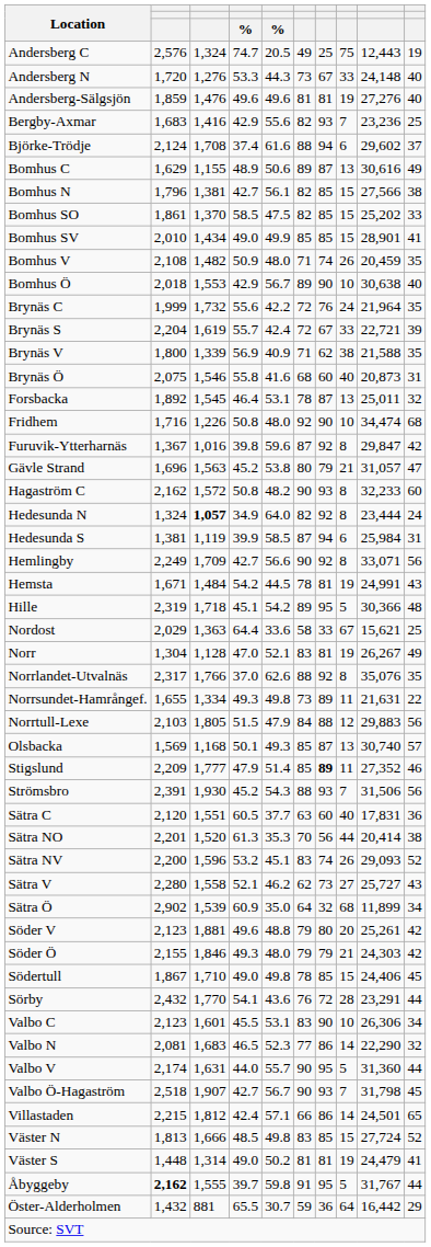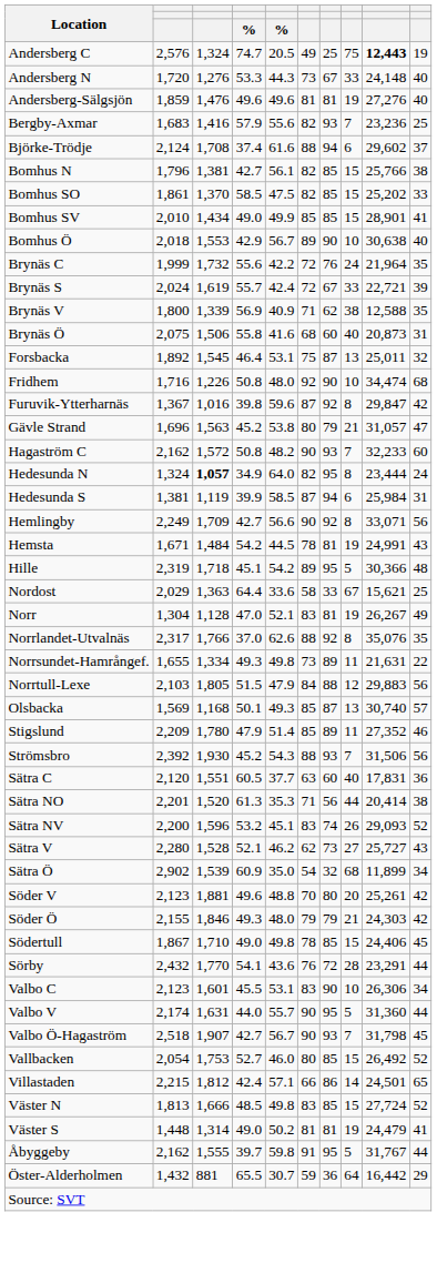 <table role="presentation" class="wikitable sortable mw-collapsible mw-collapsed">
 <tr>
 <th rowspan="3">Location</th>
 <th></th>
 <th></th>
 <th></th>
 <th></th>
 <th></th>
 <th></th>
 <th></th>
 <th></th>
 <th></th>
 </tr>
 <tr>
 <th></th>
 <th></th>
 <th style="background:"></th>
 <th style="background:"></th>
 <th></th>
 <th></th>
 <th></th>
 <th></th>
 <th></th>
 </tr>
 <tr>
 <th data-sort-type="number"></th>
 <th data-sort-type="number"></th>
 <th data-sort-type="number">%</th>
 <th data-sort-type="number">%</th>
 <th data-sort-type="number"></th>
 <th data-sort-type="number"></th>
 <th data-sort-type="number"></th>
 <th data-sort-type="number"></th>
 <th data-sort-type="number"></th>
 </tr>
 <tr>
 <td align="left">Andersberg C</td>
 <td>2,576</td>
 <td>1,324</td>
 <td>74.7</td>
 <td>20.5</td>
 <td>49</td>
 <td>25</td>
 <td>75</td>
-<td>12,443</td>
+<td><strong>12,443</strong></td>
 <td>19</td>
 </tr>
 <tr>
 <td align="left">Andersberg N</td>
 <td>1,720</td>
 <td>1,276</td>
 <td>53.3</td>
 <td>44.3</td>
 <td>73</td>
 <td>67</td>
 <td>33</td>
 <td>24,148</td>
 <td>40</td>
 </tr>
 <tr>
 <td align="left">Andersberg-Sälgsjön</td>
 <td>1,859</td>
 <td>1,476</td>
 <td>49.6</td>
 <td>49.6</td>
 <td>81</td>
 <td>81</td>
 <td>19</td>
 <td>27,276</td>
 <td>40</td>
 </tr>
 <tr>
 <td align="left">Bergby-Axmar</td>
 <td>1,683</td>
 <td>1,416</td>
-<td>42.9</td>
+<td>57.9</td>
 <td>55.6</td>
 <td>82</td>
 <td>93</td>
 <td>7</td>
 <td>23,236</td>
 <td>25</td>
 </tr>
 <tr>
 <td align="left">Björke-Trödje</td>
 <td>2,124</td>
 <td>1,708</td>
 <td>37.4</td>
 <td>61.6</td>
 <td>88</td>
 <td>94</td>
 <td>6</td>
 <td>29,602</td>
 <td>37</td>
 </tr>
 <tr>
-<td align="left">Bomhus C</td>
-<td>1,629</td>
-<td>1,155</td>
-<td>48.9</td>
-<td>50.6</td>
-<td>89</td>
-<td>87</td>
-<td>13</td>
-<td>30,616</td>
-<td>49</td>
-</tr>
-<tr>
 <td align="left">Bomhus N</td>
 <td>1,796</td>
 <td>1,381</td>
 <td>42.7</td>
 <td>56.1</td>
 <td>82</td>
 <td>85</td>
 <td>15</td>
-<td>27,566</td>
+<td>25,766</td>
 <td>38</td>
 </tr>
 <tr>
 <td align="left">Bomhus SO</td>
 <td>1,861</td>
 <td>1,370</td>
 <td>58.5</td>
 <td>47.5</td>
 <td>82</td>
 <td>85</td>
 <td>15</td>
 <td>25,202</td>
 <td>33</td>
 </tr>
 <tr>
 <td align="left">Bomhus SV</td>
 <td>2,010</td>
 <td>1,434</td>
 <td>49.0</td>
 <td>49.9</td>
 <td>85</td>
 <td>85</td>
 <td>15</td>
 <td>28,901</td>
 <td>41</td>
 </tr>
 <tr>
-<td align="left">Bomhus V</td>
-<td>2,108</td>
-<td>1,482</td>
-<td>50.9</td>
-<td>48.0</td>
-<td>71</td>
-<td>74</td>
-<td>26</td>
-<td>20,459</td>
-<td>35</td>
-</tr>
-<tr>
 <td align="left">Bomhus Ö</td>
 <td>2,018</td>
 <td>1,553</td>
 <td>42.9</td>
 <td>56.7</td>
 <td>89</td>
 <td>90</td>
 <td>10</td>
 <td>30,638</td>
 <td>40</td>
 </tr>
 <tr>
 <td align="left">Brynäs C</td>
 <td>1,999</td>
 <td>1,732</td>
 <td>55.6</td>
 <td>42.2</td>
 <td>72</td>
 <td>76</td>
 <td>24</td>
 <td>21,964</td>
 <td>35</td>
 </tr>
 <tr>
 <td align="left">Brynäs S</td>
-<td>2,204</td>
+<td>2,024</td>
 <td>1,619</td>
 <td>55.7</td>
 <td>42.4</td>
 <td>72</td>
 <td>67</td>
 <td>33</td>
 <td>22,721</td>
 <td>39</td>
 </tr>
 <tr>
 <td align="left">Brynäs V</td>
 <td>1,800</td>
 <td>1,339</td>
 <td>56.9</td>
 <td>40.9</td>
 <td>71</td>
 <td>62</td>
 <td>38</td>
-<td>21,588</td>
+<td>12,588</td>
 <td>35</td>
 </tr>
 <tr>
 <td align="left">Brynäs Ö</td>
 <td>2,075</td>
-<td>1,546</td>
+<td>1,506</td>
 <td>55.8</td>
 <td>41.6</td>
 <td>68</td>
 <td>60</td>
 <td>40</td>
 <td>20,873</td>
 <td>31</td>
 </tr>
 <tr>
 <td align="left">Forsbacka</td>
 <td>1,892</td>
 <td>1,545</td>
 <td>46.4</td>
 <td>53.1</td>
-<td>78</td>
+<td>75</td>
 <td>87</td>
 <td>13</td>
 <td>25,011</td>
 <td>32</td>
 </tr>
 <tr>
 <td align="left">Fridhem</td>
 <td>1,716</td>
 <td>1,226</td>
 <td>50.8</td>
 <td>48.0</td>
 <td>92</td>
 <td>90</td>
 <td>10</td>
 <td>34,474</td>
 <td>68</td>
 </tr>
 <tr>
 <td align="left">Furuvik-Ytterharnäs</td>
 <td>1,367</td>
 <td>1,016</td>
 <td>39.8</td>
 <td>59.6</td>
 <td>87</td>
 <td>92</td>
 <td>8</td>
 <td>29,847</td>
 <td>42</td>
 </tr>
 <tr>
 <td align="left">Gävle Strand</td>
 <td>1,696</td>
 <td>1,563</td>
 <td>45.2</td>
 <td>53.8</td>
 <td>80</td>
 <td>79</td>
 <td>21</td>
 <td>31,057</td>
 <td>47</td>
 </tr>
 <tr>
 <td align="left">Hagaström C</td>
 <td>2,162</td>
 <td>1,572</td>
 <td>50.8</td>
 <td>48.2</td>
 <td>90</td>
 <td>93</td>
-<td>8</td>
+<td>7</td>
 <td>32,233</td>
 <td>60</td>
 </tr>
 <tr>
 <td align="left">Hedesunda N</td>
 <td>1,324</td>
 <td><strong>1,057</strong></td>
 <td>34.9</td>
 <td>64.0</td>
 <td>82</td>
-<td>92</td>
+<td>95</td>
 <td>8</td>
 <td>23,444</td>
 <td>24</td>
 </tr>
 <tr>
 <td align="left">Hedesunda S</td>
 <td>1,381</td>
 <td>1,119</td>
 <td>39.9</td>
 <td>58.5</td>
 <td>87</td>
 <td>94</td>
 <td>6</td>
 <td>25,984</td>
 <td>31</td>
 </tr>
 <tr>
 <td align="left">Hemlingby</td>
 <td>2,249</td>
 <td>1,709</td>
 <td>42.7</td>
 <td>56.6</td>
 <td>90</td>
 <td>92</td>
 <td>8</td>
 <td>33,071</td>
 <td>56</td>
 </tr>
 <tr>
 <td align="left">Hemsta</td>
 <td>1,671</td>
 <td>1,484</td>
 <td>54.2</td>
 <td>44.5</td>
 <td>78</td>
 <td>81</td>
 <td>19</td>
 <td>24,991</td>
 <td>43</td>
 </tr>
 <tr>
 <td align="left">Hille</td>
 <td>2,319</td>
 <td>1,718</td>
 <td>45.1</td>
 <td>54.2</td>
 <td>89</td>
 <td>95</td>
 <td>5</td>
 <td>30,366</td>
 <td>48</td>
 </tr>
 <tr>
 <td align="left">Nordost</td>
 <td>2,029</td>
 <td>1,363</td>
 <td>64.4</td>
 <td>33.6</td>
 <td>58</td>
 <td>33</td>
 <td>67</td>
 <td>15,621</td>
 <td>25</td>
 </tr>
 <tr>
 <td align="left">Norr</td>
 <td>1,304</td>
 <td>1,128</td>
 <td>47.0</td>
 <td>52.1</td>
 <td>83</td>
 <td>81</td>
 <td>19</td>
 <td>26,267</td>
 <td>49</td>
 </tr>
 <tr>
 <td align="left">Norrlandet-Utvalnäs</td>
 <td>2,317</td>
 <td>1,766</td>
 <td>37.0</td>
 <td>62.6</td>
 <td>88</td>
 <td>92</td>
 <td>8</td>
 <td>35,076</td>
 <td>35</td>
 </tr>
 <tr>
 <td align="left">Norrsundet-Hamrångef.</td>
 <td>1,655</td>
 <td>1,334</td>
 <td>49.3</td>
 <td>49.8</td>
 <td>73</td>
 <td>89</td>
 <td>11</td>
 <td>21,631</td>
 <td>22</td>
 </tr>
 <tr>
 <td align="left">Norrtull-Lexe</td>
 <td>2,103</td>
 <td>1,805</td>
 <td>51.5</td>
 <td>47.9</td>
 <td>84</td>
 <td>88</td>
 <td>12</td>
 <td>29,883</td>
 <td>56</td>
 </tr>
 <tr>
 <td align="left">Olsbacka</td>
 <td>1,569</td>
 <td>1,168</td>
 <td>50.1</td>
 <td>49.3</td>
 <td>85</td>
 <td>87</td>
 <td>13</td>
 <td>30,740</td>
 <td>57</td>
 </tr>
 <tr>
 <td align="left">Stigslund</td>
 <td>2,209</td>
-<td>1,777</td>
+<td>1,780</td>
 <td>47.9</td>
 <td>51.4</td>
 <td>85</td>
-<td><strong>89</strong></td>
+<td>89</td>
 <td>11</td>
 <td>27,352</td>
 <td>46</td>
 </tr>
 <tr>
 <td align="left">Strömsbro</td>
-<td>2,391</td>
+<td>2,392</td>
 <td>1,930</td>
 <td>45.2</td>
 <td>54.3</td>
 <td>88</td>
 <td>93</td>
 <td>7</td>
 <td>31,506</td>
 <td>56</td>
 </tr>
 <tr>
 <td align="left">Sätra C</td>
 <td>2,120</td>
 <td>1,551</td>
 <td>60.5</td>
 <td>37.7</td>
 <td>63</td>
 <td>60</td>
 <td>40</td>
 <td>17,831</td>
 <td>36</td>
 </tr>
 <tr>
 <td align="left">Sätra NO</td>
 <td>2,201</td>
 <td>1,520</td>
 <td>61.3</td>
 <td>35.3</td>
-<td>70</td>
+<td>71</td>
 <td>56</td>
 <td>44</td>
 <td>20,414</td>
 <td>38</td>
 </tr>
 <tr>
 <td align="left">Sätra NV</td>
 <td>2,200</td>
 <td>1,596</td>
 <td>53.2</td>
 <td>45.1</td>
 <td>83</td>
 <td>74</td>
 <td>26</td>
 <td>29,093</td>
 <td>52</td>
 </tr>
 <tr>
 <td align="left">Sätra V</td>
 <td>2,280</td>
-<td>1,558</td>
+<td>1,528</td>
 <td>52.1</td>
 <td>46.2</td>
 <td>62</td>
 <td>73</td>
 <td>27</td>
 <td>25,727</td>
 <td>43</td>
 </tr>
 <tr>
 <td align="left">Sätra Ö</td>
 <td>2,902</td>
 <td>1,539</td>
 <td>60.9</td>
 <td>35.0</td>
-<td>64</td>
+<td>54</td>
 <td>32</td>
 <td>68</td>
 <td>11,899</td>
 <td>34</td>
 </tr>
 <tr>
 <td align="left">Söder V</td>
 <td>2,123</td>
 <td>1,881</td>
 <td>49.6</td>
 <td>48.8</td>
-<td>79</td>
+<td>70</td>
 <td>80</td>
 <td>20</td>
 <td>25,261</td>
 <td>42</td>
 </tr>
 <tr>
 <td align="left">Söder Ö</td>
 <td>2,155</td>
 <td>1,846</td>
 <td>49.3</td>
 <td>48.0</td>
 <td>79</td>
 <td>79</td>
 <td>21</td>
 <td>24,303</td>
 <td>42</td>
 </tr>
 <tr>
 <td align="left">Södertull</td>
 <td>1,867</td>
 <td>1,710</td>
 <td>49.0</td>
 <td>49.8</td>
 <td>78</td>
 <td>85</td>
 <td>15</td>
 <td>24,406</td>
 <td>45</td>
 </tr>
 <tr>
 <td align="left">Sörby</td>
 <td>2,432</td>
 <td>1,770</td>
 <td>54.1</td>
 <td>43.6</td>
 <td>76</td>
 <td>72</td>
 <td>28</td>
 <td>23,291</td>
 <td>44</td>
 </tr>
 <tr>
 <td align="left">Valbo C</td>
 <td>2,123</td>
 <td>1,601</td>
 <td>45.5</td>
 <td>53.1</td>
 <td>83</td>
 <td>90</td>
 <td>10</td>
 <td>26,306</td>
 <td>34</td>
 </tr>
 <tr>
-<td align="left">Valbo N</td>
-<td>2,081</td>
-<td>1,683</td>
-<td>46.5</td>
-<td>52.3</td>
-<td>77</td>
-<td>86</td>
-<td>14</td>
-<td>22,290</td>
-<td>32</td>
-</tr>
-<tr>
 <td align="left">Valbo V</td>
 <td>2,174</td>
 <td>1,631</td>
 <td>44.0</td>
 <td>55.7</td>
 <td>90</td>
 <td>95</td>
 <td>5</td>
 <td>31,360</td>
 <td>44</td>
 </tr>
 <tr>
 <td align="left">Valbo Ö-Hagaström</td>
 <td>2,518</td>
 <td>1,907</td>
 <td>42.7</td>
 <td>56.7</td>
 <td>90</td>
 <td>93</td>
 <td>7</td>
 <td>31,798</td>
 <td>45</td>
+</tr>
+<tr>
+<td align="left">Vallbacken</td>
+<td>2,054</td>
+<td>1,753</td>
+<td>52.7</td>
+<td>46.0</td>
+<td>80</td>
+<td>85</td>
+<td>15</td>
+<td>26,492</td>
+<td>52</td>
 </tr>
 <tr>
 <td align="left">Villastaden</td>
 <td>2,215</td>
 <td>1,812</td>
 <td>42.4</td>
 <td>57.1</td>
 <td>66</td>
 <td>86</td>
 <td>14</td>
 <td>24,501</td>
 <td>65</td>
 </tr>
 <tr>
 <td align="left">Väster N</td>
 <td>1,813</td>
 <td>1,666</td>
 <td>48.5</td>
 <td>49.8</td>
 <td>83</td>
 <td>85</td>
 <td>15</td>
 <td>27,724</td>
 <td>52</td>
 </tr>
 <tr>
 <td align="left">Väster S</td>
 <td>1,448</td>
 <td>1,314</td>
 <td>49.0</td>
 <td>50.2</td>
 <td>81</td>
 <td>81</td>
 <td>19</td>
 <td>24,479</td>
 <td>41</td>
 </tr>
 <tr>
 <td align="left">Åbyggeby</td>
-<td><strong>2,162</strong></td>
+<td>2,162</td>
 <td>1,555</td>
 <td>39.7</td>
 <td>59.8</td>
 <td>91</td>
 <td>95</td>
 <td>5</td>
 <td>31,767</td>
 <td>44</td>
 </tr>
 <tr>
 <td align="left">Öster-Alderholmen</td>
 <td>1,432</td>
 <td>881</td>
 <td>65.5</td>
 <td>30.7</td>
 <td>59</td>
 <td>36</td>
 <td>64</td>
 <td>16,442</td>
 <td>29</td>
 </tr>
 <tr>
 <td colspan="10" align="left">Source: <a href='#'>SVT</a></td>
 </tr>
 </table>
